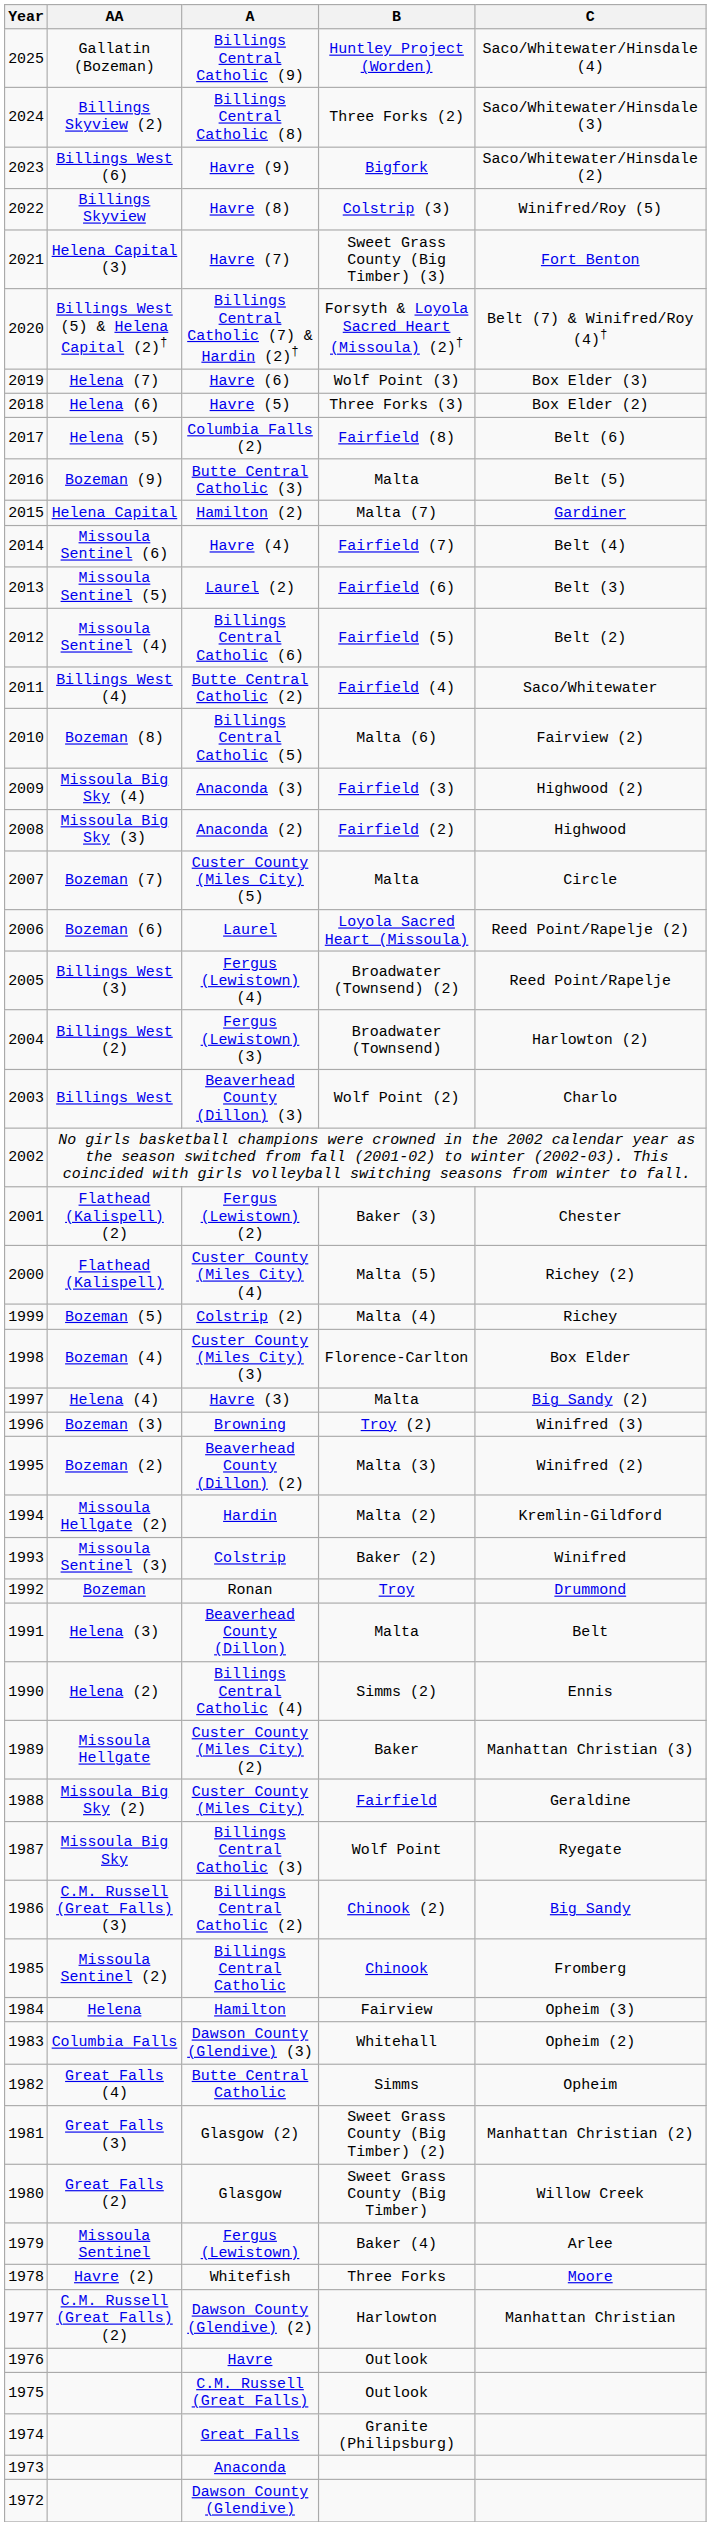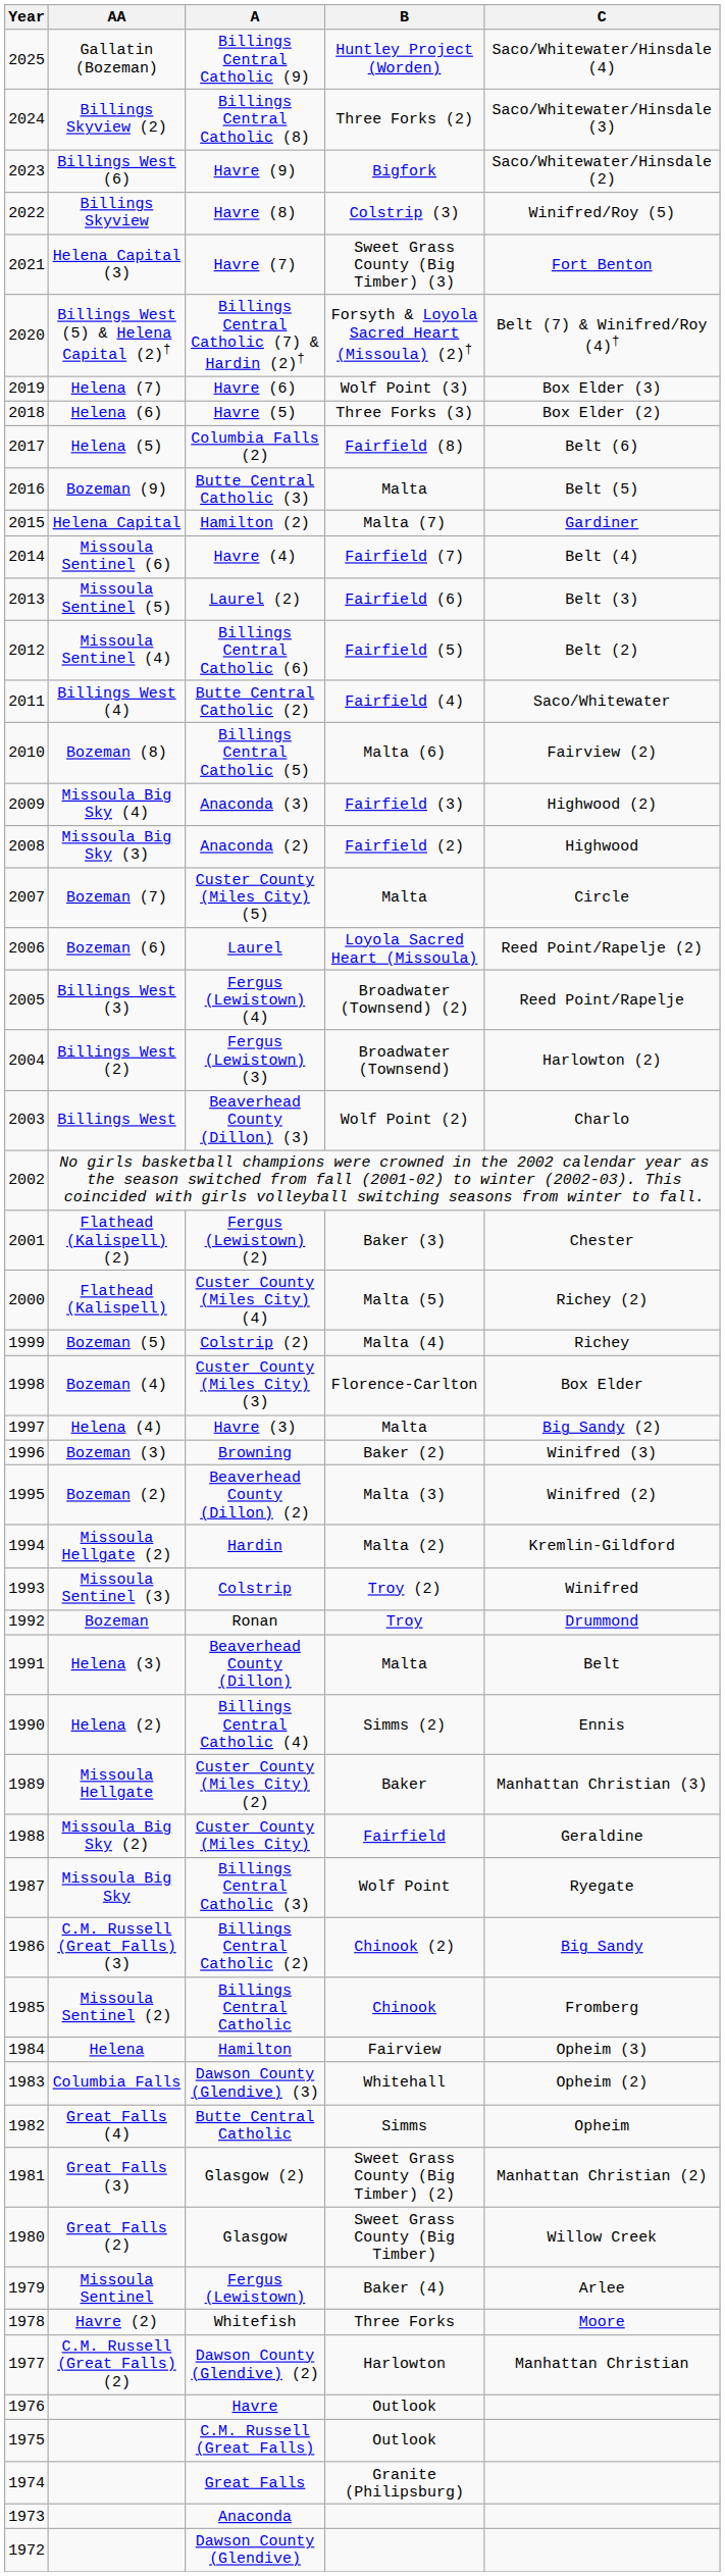 <table class="wikitable" style="text-align:center">
 <tr>
 <th>Year</th>
 <th>AA</th>
 <th>A</th>
 <th>B</th>
 <th>C</th>
 </tr>
 <tr>
 <td>2025</td>
 <td>Gallatin (Bozeman)</td>
 <td><a href='#'>Billings Central Catholic</a> (9)</td>
 <td><a href='#'>Huntley Project (Worden)</a></td>
 <td>Saco/Whitewater/Hinsdale (4)</td>
 </tr>
 <tr>
 <td>2024</td>
 <td><a href='#'>Billings Skyview</a> (2)</td>
 <td><a href='#'>Billings Central Catholic</a> (8)</td>
 <td>Three Forks (2)</td>
 <td>Saco/Whitewater/Hinsdale (3)</td>
 </tr>
 <tr>
 <td>2023</td>
 <td><a href='#'>Billings West</a> (6)</td>
 <td><a href='#'>Havre</a> (9)</td>
 <td><a href='#'>Bigfork</a></td>
 <td>Saco/Whitewater/Hinsdale (2)</td>
 </tr>
 <tr>
 <td>2022</td>
 <td><a href='#'>Billings Skyview</a></td>
 <td><a href='#'>Havre</a> (8)</td>
 <td><a href='#'>Colstrip</a> (3)</td>
 <td>Winifred/Roy (5)</td>
 </tr>
 <tr>
 <td>2021</td>
 <td><a href='#'>Helena Capital</a> (3)</td>
 <td><a href='#'>Havre</a> (7)</td>
 <td>Sweet Grass County (Big Timber) (3)</td>
 <td><a href='#'>Fort Benton</a></td>
 </tr>
 <tr>
 <td>2020</td>
 <td><a href='#'>Billings West</a> (5) & <a href='#'>Helena Capital</a> (2)<sup>†</sup></td>
 <td><a href='#'>Billings Central Catholic</a> (7) & <a href='#'>Hardin</a> (2)<sup>†</sup></td>
 <td>Forsyth & <a href='#'>Loyola Sacred Heart (Missoula)</a> (2)<sup>†</sup></td>
 <td>Belt (7) & Winifred/Roy (4)<sup>†</sup></td>
 </tr>
 <tr>
 <td>2019</td>
 <td><a href='#'>Helena</a> (7)</td>
 <td><a href='#'>Havre</a> (6)</td>
 <td>Wolf Point (3)</td>
 <td>Box Elder (3)</td>
 </tr>
 <tr>
 <td>2018</td>
 <td><a href='#'>Helena</a> (6)</td>
 <td><a href='#'>Havre</a> (5)</td>
 <td>Three Forks (3)</td>
 <td>Box Elder (2)</td>
 </tr>
 <tr>
 <td>2017</td>
 <td><a href='#'>Helena</a> (5)</td>
 <td><a href='#'>Columbia Falls</a> (2)</td>
 <td><a href='#'>Fairfield</a> (8)</td>
 <td>Belt (6)</td>
 </tr>
 <tr>
 <td>2016</td>
 <td><a href='#'>Bozeman</a> (9)</td>
 <td><a href='#'>Butte Central Catholic</a> (3)</td>
 <td>Malta</td>
 <td>Belt (5)</td>
 </tr>
 <tr>
 <td>2015</td>
 <td><a href='#'>Helena Capital</a></td>
 <td><a href='#'>Hamilton</a> (2)</td>
 <td>Malta (7)</td>
 <td><a href='#'>Gardiner</a></td>
 </tr>
 <tr>
 <td>2014</td>
 <td><a href='#'>Missoula Sentinel</a> (6)</td>
 <td><a href='#'>Havre</a> (4)</td>
 <td><a href='#'>Fairfield</a> (7)</td>
 <td>Belt (4)</td>
 </tr>
 <tr>
 <td>2013</td>
 <td><a href='#'>Missoula Sentinel</a> (5)</td>
 <td><a href='#'>Laurel</a> (2)</td>
 <td><a href='#'>Fairfield</a> (6)</td>
 <td>Belt (3)</td>
 </tr>
 <tr>
 <td>2012</td>
 <td><a href='#'>Missoula Sentinel</a> (4)</td>
 <td><a href='#'>Billings Central Catholic</a> (6)</td>
 <td><a href='#'>Fairfield</a> (5)</td>
 <td>Belt (2)</td>
 </tr>
 <tr>
 <td>2011</td>
 <td><a href='#'>Billings West</a> (4)</td>
 <td><a href='#'>Butte Central Catholic</a> (2)</td>
 <td><a href='#'>Fairfield</a> (4)</td>
 <td>Saco/Whitewater</td>
 </tr>
 <tr>
 <td>2010</td>
 <td><a href='#'>Bozeman</a> (8)</td>
 <td><a href='#'>Billings Central Catholic</a> (5)</td>
 <td>Malta (6)</td>
 <td>Fairview (2)</td>
 </tr>
 <tr>
 <td>2009</td>
 <td><a href='#'>Missoula Big Sky</a> (4)</td>
 <td><a href='#'>Anaconda</a> (3)</td>
 <td><a href='#'>Fairfield</a> (3)</td>
 <td>Highwood (2)</td>
 </tr>
 <tr>
 <td>2008</td>
 <td><a href='#'>Missoula Big Sky</a> (3)</td>
 <td><a href='#'>Anaconda</a> (2)</td>
 <td><a href='#'>Fairfield</a> (2)</td>
 <td>Highwood</td>
 </tr>
 <tr>
 <td>2007</td>
 <td><a href='#'>Bozeman</a> (7)</td>
 <td><a href='#'>Custer County (Miles City)</a> (5)</td>
 <td>Malta</td>
 <td>Circle</td>
 </tr>
 <tr>
 <td>2006</td>
 <td><a href='#'>Bozeman</a> (6)</td>
 <td><a href='#'>Laurel</a></td>
 <td><a href='#'>Loyola Sacred Heart (Missoula)</a></td>
 <td>Reed Point/Rapelje (2)</td>
 </tr>
 <tr>
 <td>2005</td>
 <td><a href='#'>Billings West</a> (3)</td>
 <td><a href='#'>Fergus (Lewistown)</a> (4)</td>
 <td>Broadwater (Townsend) (2)</td>
 <td>Reed Point/Rapelje</td>
 </tr>
 <tr>
 <td>2004</td>
 <td><a href='#'>Billings West</a> (2)</td>
 <td><a href='#'>Fergus (Lewistown)</a> (3)</td>
 <td>Broadwater (Townsend)</td>
 <td>Harlowton (2)</td>
 </tr>
 <tr>
 <td>2003</td>
 <td><a href='#'>Billings West</a></td>
 <td><a href='#'>Beaverhead County (Dillon)</a> (3)</td>
 <td>Wolf Point (2)</td>
 <td>Charlo</td>
 </tr>
 <tr>
 <td>2002</td>
 <td colspan="4"><em>No girls basketball champions were crowned in the 2002 calendar year as the season switched from fall (2001-02) to winter (2002-03). This coincided with girls volleyball switching seasons from winter to fall.</em></td>
 </tr>
 <tr>
 <td>2001</td>
 <td><a href='#'>Flathead (Kalispell)</a> (2)</td>
 <td><a href='#'>Fergus (Lewistown)</a> (2)</td>
 <td>Baker (3)</td>
 <td>Chester</td>
 </tr>
 <tr>
 <td>2000</td>
 <td><a href='#'>Flathead (Kalispell)</a></td>
 <td><a href='#'>Custer County (Miles City)</a> (4)</td>
 <td>Malta (5)</td>
 <td>Richey (2)</td>
 </tr>
 <tr>
 <td>1999</td>
 <td><a href='#'>Bozeman</a> (5)</td>
 <td><a href='#'>Colstrip</a> (2)</td>
 <td>Malta (4)</td>
 <td>Richey</td>
 </tr>
 <tr>
 <td>1998</td>
 <td><a href='#'>Bozeman</a> (4)</td>
 <td><a href='#'>Custer County (Miles City)</a> (3)</td>
 <td>Florence-Carlton</td>
 <td>Box Elder</td>
 </tr>
 <tr>
 <td>1997</td>
 <td><a href='#'>Helena</a> (4)</td>
 <td><a href='#'>Havre</a> (3)</td>
 <td>Malta</td>
 <td><a href='#'>Big Sandy</a> (2)</td>
 </tr>
 <tr>
 <td>1996</td>
 <td><a href='#'>Bozeman</a> (3)</td>
 <td><a href='#'>Browning</a></td>
-<td><a href='#'>Troy</a> (2)</td>
+<td>Baker (2)</td>
 <td>Winifred (3)</td>
 </tr>
 <tr>
 <td>1995</td>
 <td><a href='#'>Bozeman</a> (2)</td>
 <td><a href='#'>Beaverhead County (Dillon)</a> (2)</td>
 <td>Malta (3)</td>
 <td>Winifred (2)</td>
 </tr>
 <tr>
 <td>1994</td>
 <td><a href='#'>Missoula Hellgate</a> (2)</td>
 <td><a href='#'>Hardin</a></td>
 <td>Malta (2)</td>
 <td>Kremlin-Gildford</td>
 </tr>
 <tr>
 <td>1993</td>
 <td><a href='#'>Missoula Sentinel</a> (3)</td>
 <td><a href='#'>Colstrip</a></td>
-<td>Baker (2)</td>
+<td><a href='#'>Troy</a> (2)</td>
 <td>Winifred</td>
 </tr>
 <tr>
 <td>1992</td>
 <td><a href='#'>Bozeman</a></td>
 <td>Ronan</td>
 <td><a href='#'>Troy</a></td>
 <td><a href='#'>Drummond</a></td>
 </tr>
 <tr>
 <td>1991</td>
 <td><a href='#'>Helena</a> (3)</td>
 <td><a href='#'>Beaverhead County (Dillon)</a></td>
 <td>Malta</td>
 <td>Belt</td>
 </tr>
 <tr>
 <td>1990</td>
 <td><a href='#'>Helena</a> (2)</td>
 <td><a href='#'>Billings Central Catholic</a> (4)</td>
 <td>Simms (2)</td>
 <td>Ennis</td>
 </tr>
 <tr>
 <td>1989</td>
 <td><a href='#'>Missoula Hellgate</a></td>
 <td><a href='#'>Custer County (Miles City)</a> (2)</td>
 <td>Baker</td>
 <td>Manhattan Christian (3)</td>
 </tr>
 <tr>
 <td>1988</td>
 <td><a href='#'>Missoula Big Sky</a> (2)</td>
 <td><a href='#'>Custer County (Miles City)</a></td>
 <td><a href='#'>Fairfield</a></td>
 <td>Geraldine</td>
 </tr>
 <tr>
 <td>1987</td>
 <td><a href='#'>Missoula Big Sky</a></td>
 <td><a href='#'>Billings Central Catholic</a> (3)</td>
 <td>Wolf Point</td>
 <td>Ryegate</td>
 </tr>
 <tr>
 <td>1986</td>
 <td><a href='#'>C.M. Russell (Great Falls)</a> (3)</td>
 <td><a href='#'>Billings Central Catholic</a> (2)</td>
 <td><a href='#'>Chinook</a> (2)</td>
 <td><a href='#'>Big Sandy</a></td>
 </tr>
 <tr>
 <td>1985</td>
 <td><a href='#'>Missoula Sentinel</a> (2)</td>
 <td><a href='#'>Billings Central Catholic</a></td>
 <td><a href='#'>Chinook</a></td>
 <td>Fromberg</td>
 </tr>
 <tr>
 <td>1984</td>
 <td><a href='#'>Helena</a></td>
 <td><a href='#'>Hamilton</a></td>
 <td>Fairview</td>
 <td>Opheim (3)</td>
 </tr>
 <tr>
 <td>1983</td>
 <td><a href='#'>Columbia Falls</a></td>
 <td><a href='#'>Dawson County (Glendive)</a> (3)</td>
 <td>Whitehall</td>
 <td>Opheim (2)</td>
 </tr>
 <tr>
 <td>1982</td>
 <td><a href='#'>Great Falls</a> (4)</td>
 <td><a href='#'>Butte Central Catholic</a></td>
 <td>Simms</td>
 <td>Opheim</td>
 </tr>
 <tr>
 <td>1981</td>
 <td><a href='#'>Great Falls</a> (3)</td>
 <td>Glasgow (2)</td>
 <td>Sweet Grass County (Big Timber) (2)</td>
 <td>Manhattan Christian (2)</td>
 </tr>
 <tr>
 <td>1980</td>
 <td><a href='#'>Great Falls</a> (2)</td>
 <td>Glasgow</td>
 <td>Sweet Grass County (Big Timber)</td>
 <td>Willow Creek</td>
 </tr>
 <tr>
 <td>1979</td>
 <td><a href='#'>Missoula Sentinel</a></td>
 <td><a href='#'>Fergus (Lewistown)</a></td>
 <td>Baker (4)</td>
 <td>Arlee</td>
 </tr>
 <tr>
 <td>1978</td>
 <td><a href='#'>Havre</a> (2)</td>
 <td>Whitefish</td>
 <td>Three Forks</td>
 <td><a href='#'>Moore</a></td>
 </tr>
 <tr>
 <td>1977</td>
 <td><a href='#'>C.M. Russell (Great Falls)</a> (2)</td>
 <td><a href='#'>Dawson County (Glendive)</a> (2)</td>
 <td>Harlowton</td>
 <td>Manhattan Christian</td>
 </tr>
 <tr>
 <td>1976</td>
 <td></td>
 <td><a href='#'>Havre</a></td>
 <td>Outlook</td>
 <td></td>
 </tr>
 <tr>
 <td>1975</td>
 <td></td>
 <td><a href='#'>C.M. Russell (Great Falls)</a></td>
 <td>Outlook</td>
 <td></td>
 </tr>
 <tr>
 <td>1974</td>
 <td></td>
 <td><a href='#'>Great Falls</a></td>
 <td>Granite (Philipsburg)</td>
 <td></td>
 </tr>
 <tr>
 <td>1973</td>
 <td></td>
 <td><a href='#'>Anaconda</a></td>
 <td></td>
 <td></td>
 </tr>
 <tr>
 <td>1972</td>
 <td></td>
 <td><a href='#'>Dawson County (Glendive)</a></td>
 <td></td>
 </tr>
 </table>
